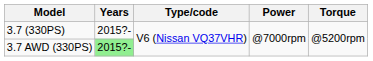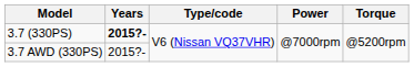 <table class="wikitable sortable collapsible">
 <tr>
 <th>Model</th>
 <th>Years</th>
 <th>Type/code</th>
 <th>Power</th>
 <th>Torque</th>
 </tr>
 <tr>
 <td>3.7 (330PS)</td>
-<td>2015?-</td>
+<td><strong>2015?-</strong></td>
 <td rowspan="2"> V6 (<a href='#'>Nissan VQ37VHR</a>)</td>
 <td rowspan="2"> @7000rpm</td>
 <td rowspan="2"> @5200rpm</td>
 </tr>
 <tr>
 <td>3.7 AWD (330PS)</td>
-<td style="background: lightgreen;">2015?-</td>
+<td>2015?-</td>
 </tr>
 </table>
